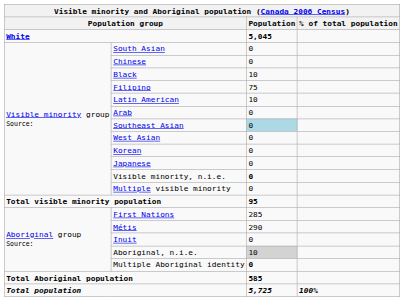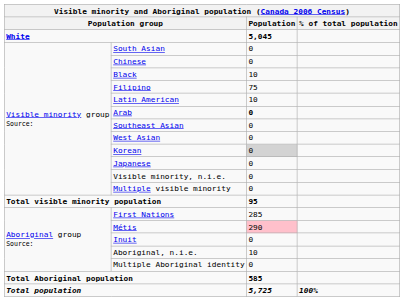 <table class="wikitable">
 <tr>
 <th colspan=4>Visible minority and Aboriginal population (<a href='#'>Canada 2006 Census</a>)</th>
 </tr>
 <tr>
 <th colspan="2">Population group</th>
 <th>Population</th>
 <th>% of total population</th>
 </tr>
 <tr>
 <td colspan="2"><strong><a href='#'>White</a></strong></td>
 <td><strong>5,045</strong></td>
 <td><strong></strong></td>
 </tr>
 <tr>
 <td rowspan="12"><a href='#'>Visible minority</a> group<br><small>Source:</small></td>
 <td><a href='#'>South Asian</a></td>
 <td>0</td>
 <td></td>
 </tr>
 <tr>
 <td><a href='#'>Chinese</a></td>
 <td>0</td>
 <td></td>
 </tr>
 <tr>
 <td><a href='#'>Black</a></td>
 <td>10</td>
 <td></td>
 </tr>
 <tr>
 <td><a href='#'>Filipino</a></td>
 <td>75</td>
 <td></td>
 </tr>
 <tr>
 <td><a href='#'>Latin American</a></td>
 <td>10</td>
 <td></td>
 </tr>
 <tr>
 <td><a href='#'>Arab</a></td>
-<td>0</td>
+<td><strong>0</strong></td>
 <td></td>
 </tr>
 <tr>
 <td><a href='#'>Southeast Asian</a></td>
-<td style="background: lightblue;">0</td>
+<td>0</td>
 <td></td>
 </tr>
 <tr>
 <td><a href='#'>West Asian</a></td>
 <td>0</td>
 <td></td>
 </tr>
 <tr>
 <td><a href='#'>Korean</a></td>
-<td>0</td>
+<td style="background: lightgrey;">0</td>
 <td></td>
 </tr>
 <tr>
 <td><a href='#'>Japanese</a></td>
 <td>0</td>
 <td></td>
 </tr>
 <tr>
 <td>Visible minority, n.i.e.</td>
-<td><strong>0</strong></td>
+<td>0</td>
 <td></td>
 </tr>
 <tr>
 <td><a href='#'>Multiple</a> visible minority</td>
 <td>0</td>
 <td></td>
 </tr>
 <tr>
 <td colspan="2"><strong>Total visible minority population</strong></td>
 <td><strong>95</strong></td>
 <td><strong></strong></td>
 </tr>
 <tr>
 <td rowspan="5"><a href='#'>Aboriginal</a> group<br><small>Source:</small></td>
 <td><a href='#'>First Nations</a></td>
 <td>285</td>
 <td></td>
 </tr>
 <tr>
 <td><a href='#'>Métis</a></td>
-<td>290</td>
+<td style="background: pink;">290</td>
 <td></td>
 </tr>
 <tr>
 <td><a href='#'>Inuit</a></td>
 <td>0</td>
 <td></td>
 </tr>
 <tr>
 <td>Aboriginal, n.i.e.</td>
-<td style="background: lightgrey;">10</td>
+<td>10</td>
 <td></td>
 </tr>
 <tr>
 <td>Multiple Aboriginal identity</td>
-<td><strong>0</strong></td>
+<td>0</td>
 <td></td>
 </tr>
 <tr>
 <td colspan="2"><strong>Total Aboriginal population</strong></td>
 <td><strong>585</strong></td>
 <td><strong></strong></td>
 </tr>
 <tr>
 <td colspan="2"><strong><em>Total population</em></strong></td>
 <td><strong><em>5,725</em></strong></td>
 <td><strong><em>100%</em></strong></td>
 </tr>
 </table>
